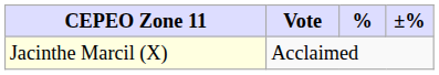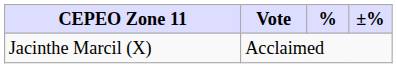 <table class="wikitable">
 <tr>
 <th style="background:#DDDDFF" width="200px">CEPEO Zone 11</th>
 <th style="background:#DDDDFF" width="50px">Vote</th>
 <th style="background:#DDDDFF" width="30px">%</th>
 <th style="background:#DDDDFF" width="30px">±%</th>
 </tr>
 <tr>
-<td style="background: lightyellow;">Jacinthe Marcil (X)</td>
+<td>Jacinthe Marcil (X)</td>
 <td colspan="3">Acclaimed</td>
 </tr>
 </table>
